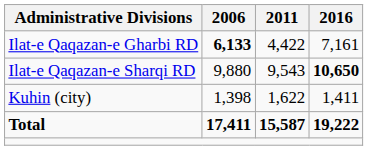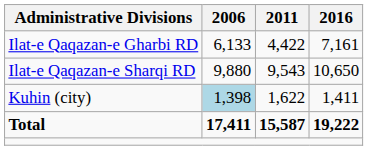 <table class="wikitable">
 <tr>
 <th>Administrative Divisions</th>
 <th>2006</th>
 <th>2011</th>
 <th>2016</th>
 </tr>
 <tr>
 <td><a href='#'>Ilat-e Qaqazan-e Gharbi RD</a></td>
-<td style="text-align: right;"><strong>6,133</strong></td>
+<td style="text-align: right;">6,133</td>
 <td style="text-align: right;">4,422</td>
 <td style="text-align: right;">7,161</td>
 </tr>
 <tr>
 <td><a href='#'>Ilat-e Qaqazan-e Sharqi RD</a></td>
 <td style="text-align: right;">9,880</td>
 <td style="text-align: right;">9,543</td>
-<td style="text-align: right;"><strong>10,650</strong></td>
+<td style="text-align: right;">10,650</td>
 </tr>
 <tr>
 <td><a href='#'>Kuhin</a> (city)</td>
-<td style="text-align: right;">1,398</td>
+<td style="background: lightblue; text-align: right;">1,398</td>
 <td style="text-align: right;">1,622</td>
 <td style="text-align: right;">1,411</td>
 </tr>
 <tr>
 <td><strong>Total</strong></td>
 <td style="text-align: right;"><strong>17,411</strong></td>
 <td style="text-align: right;"><strong>15,587</strong></td>
 <td style="text-align: right;"><strong>19,222</strong></td>
 </tr>
 <tr>
 <td colspan=4></td>
 </tr>
 </table>
